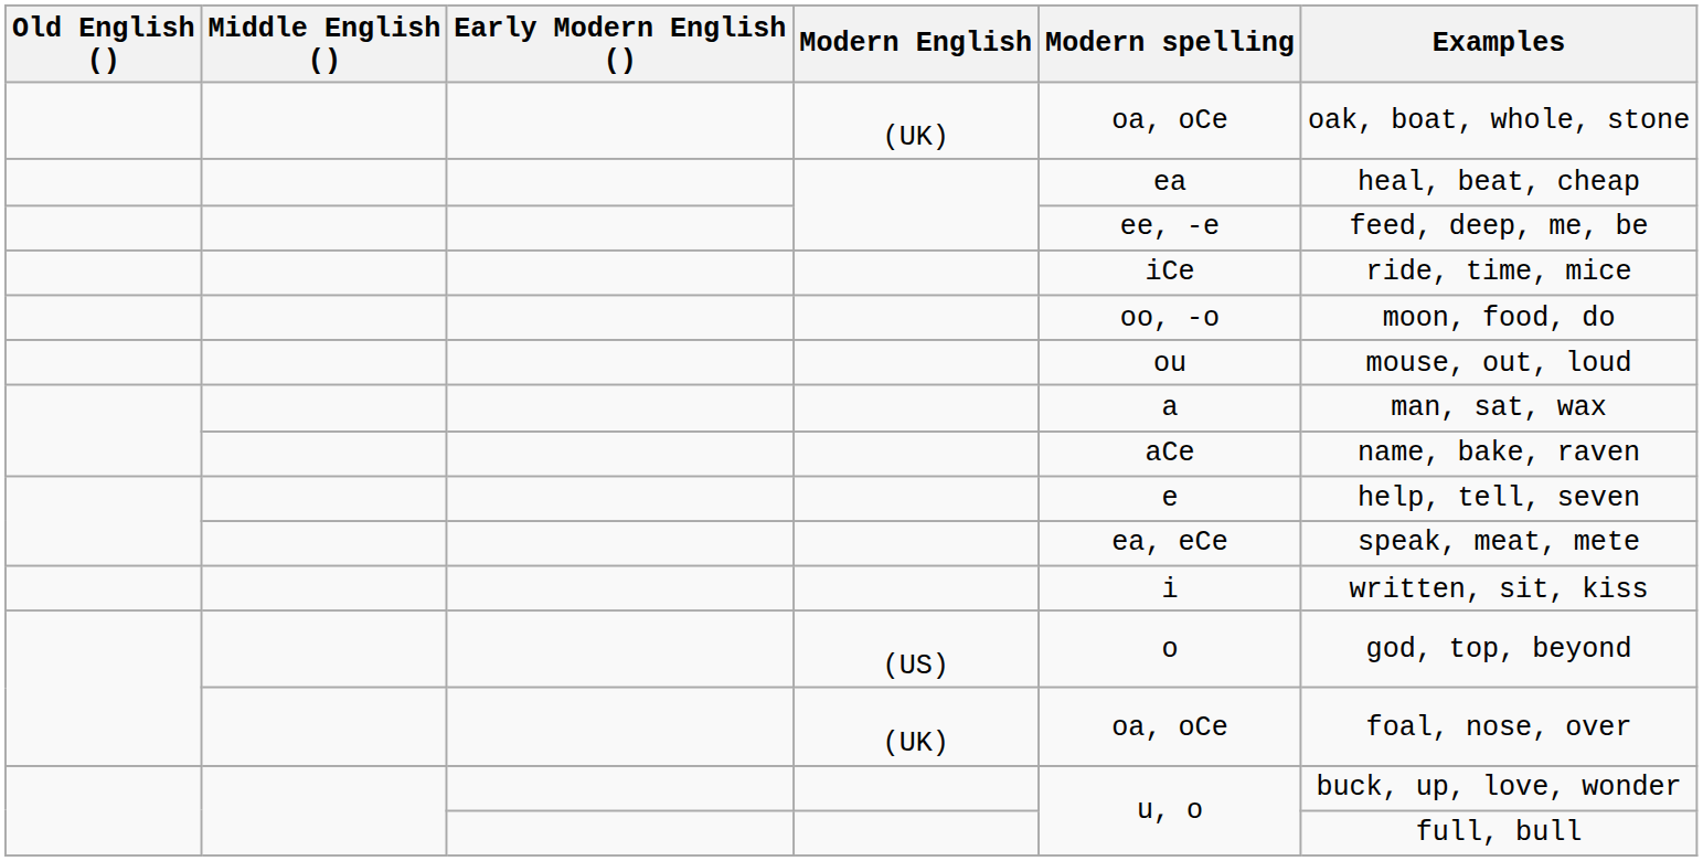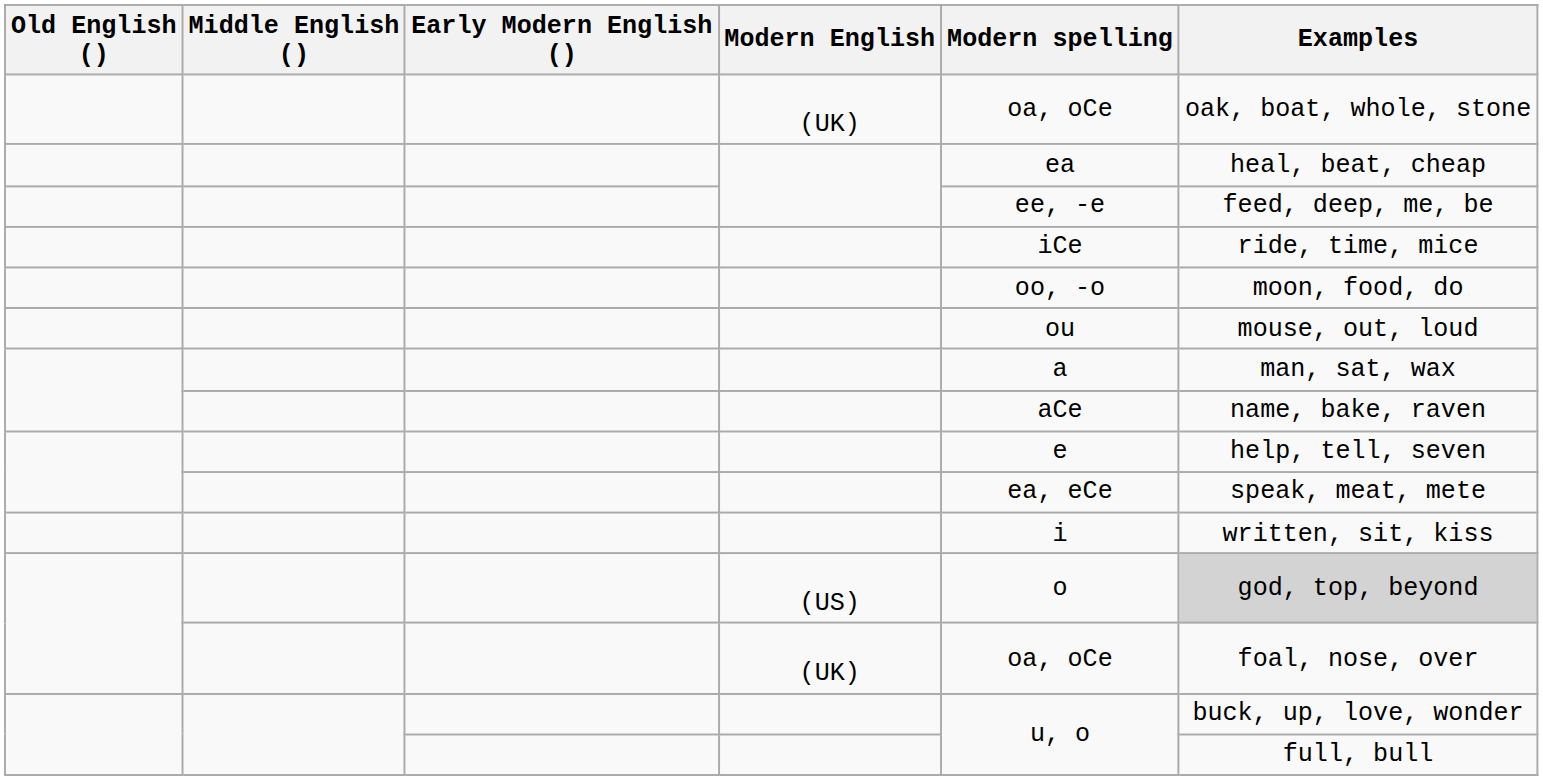 <table class="wikitable" style="text-align: center;">
 <tr>
 <th>Old English<br>()</th>
 <th>Middle English<br>()</th>
 <th>Early Modern English<br>()</th>
 <th>Modern English</th>
 <th>Modern spelling</th>
 <th>Examples</th>
 </tr>
 <tr>
 <td></td>
 <td></td>
 <td></td>
 <td> <br> (UK)</td>
 <td>oa, oCe</td>
 <td>oak, boat, whole, stone</td>
 </tr>
 <tr>
 <td></td>
 <td></td>
 <td></td>
 <td rowspan=2></td>
 <td>ea</td>
 <td>heal, beat, cheap</td>
 </tr>
 <tr>
 <td></td>
 <td></td>
 <td></td>
 <td>ee, -e</td>
 <td>feed, deep, me, be</td>
 </tr>
 <tr>
 <td></td>
 <td></td>
 <td>  </td>
 <td></td>
 <td>iCe</td>
 <td>ride, time, mice</td>
 </tr>
 <tr>
 <td></td>
 <td></td>
 <td></td>
 <td></td>
 <td>oo, -o</td>
 <td>moon, food, do</td>
 </tr>
 <tr>
 <td></td>
 <td></td>
 <td>  </td>
 <td></td>
 <td>ou</td>
 <td>mouse, out, loud</td>
 </tr>
 <tr>
 <td rowspan=2></td>
 <td></td>
 <td></td>
 <td></td>
 <td>a</td>
 <td>man, sat, wax</td>
 </tr>
 <tr>
 <td></td>
 <td></td>
 <td></td>
 <td>aCe</td>
 <td>name, bake, raven</td>
 </tr>
 <tr>
 <td rowspan=2></td>
 <td></td>
 <td></td>
 <td></td>
 <td>e</td>
 <td>help, tell, seven</td>
 </tr>
 <tr>
 <td></td>
 <td></td>
 <td></td>
 <td>ea, eCe</td>
 <td>speak, meat, mete</td>
 </tr>
 <tr>
 <td></td>
 <td></td>
 <td></td>
 <td></td>
 <td>i</td>
 <td>written, sit, kiss</td>
 </tr>
 <tr>
 <td rowspan=2></td>
 <td></td>
 <td></td>
 <td> <br> (US)</td>
 <td>o</td>
-<td>god, top, beyond</td>
+<td style="background: lightgrey;">god, top, beyond</td>
 </tr>
 <tr>
 <td></td>
 <td></td>
 <td> <br> (UK)</td>
 <td>oa, oCe</td>
 <td>foal, nose, over</td>
 </tr>
 <tr>
 <td rowspan=2></td>
 <td rowspan=2></td>
 <td></td>
 <td></td>
 <td rowspan=2>u, o</td>
 <td>buck, up, love, wonder</td>
 </tr>
 <tr>
 <td></td>
 <td></td>
 <td>full, bull</td>
 </tr>
 </table>
